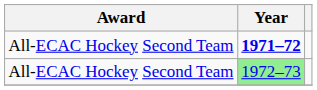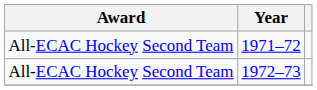 <table class="wikitable">
 <tr>
 <th>Award</th>
 <th>Year</th>
 <th></th>
 </tr>
 <tr>
 <td>All-<a href='#'>ECAC Hockey</a> <a href='#'>Second Team</a></td>
-<td><strong><a href='#'>1971–72</a></strong></td>
+<td><a href='#'>1971–72</a></td>
 <td></td>
 </tr>
 <tr>
 <td>All-<a href='#'>ECAC Hockey</a> <a href='#'>Second Team</a></td>
-<td style="background: lightgreen;"><a href='#'>1972–73</a></td>
+<td><a href='#'>1972–73</a></td>
 <td></td>
 </tr>
 <tr>
 </tr>
 </table>
